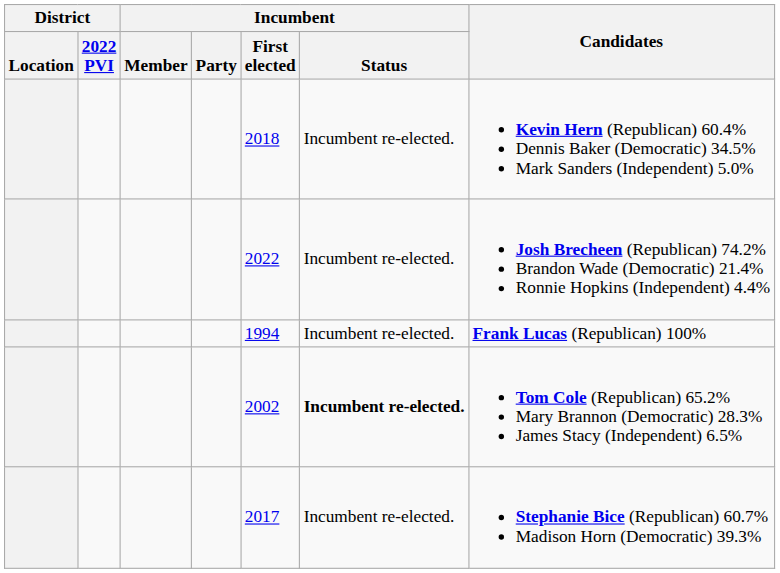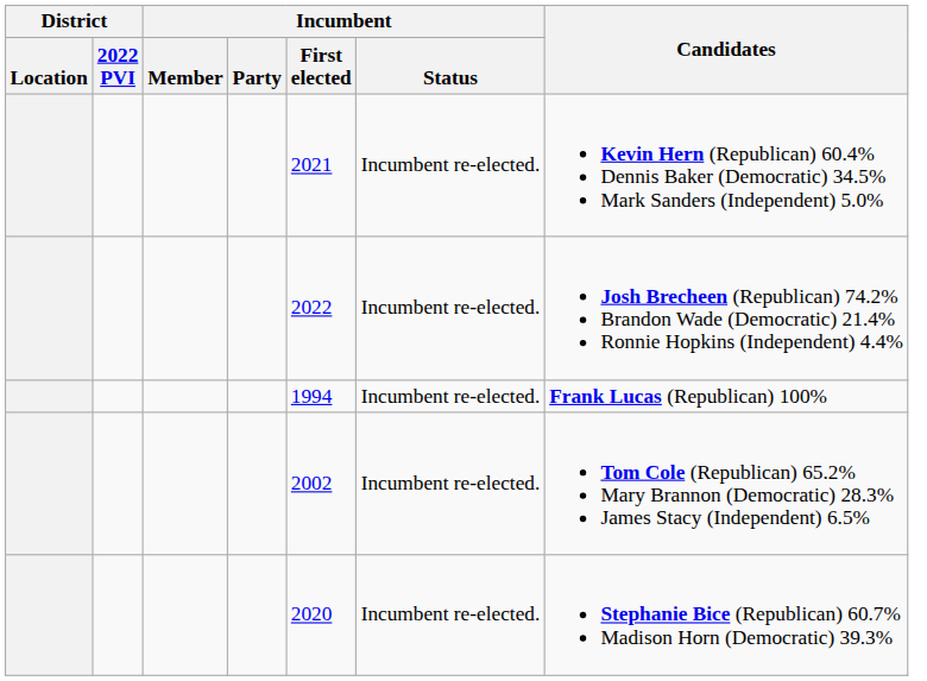 <table class="wikitable sortable">
 <tr>
 <th colspan=2>District</th>
 <th colspan=4>Incumbent</th>
 <th rowspan=2 class="unsortable">Candidates</th>
 </tr>
 <tr valign=bottom>
 <th>Location</th>
 <th><a href='#'>2022<br>PVI</a></th>
 <th>Member</th>
 <th>Party</th>
 <th>First<br>elected</th>
 <th>Status</th>
 </tr>
 <tr>
 <th></th>
 <td></td>
 <td></td>
 <td></td>
-<td><a href='#'>2018</a></td>
+<td><a href='#'>2021</a></td>
 <td>Incumbent re-elected.</td>
 <td nowrap><br><ul><li> <strong><a href='#'>Kevin Hern</a></strong> (Republican) 60.4%</li><li>Dennis Baker (Democratic) 34.5%</li><li>Mark Sanders (Independent) 5.0%</li></ul></td>
 </tr>
 <tr>
 <th></th>
 <td></td>
 <td></td>
 <td></td>
 <td><a href='#'>2022</a></td>
 <td>Incumbent re-elected.</td>
 <td nowrap><br><ul><li> <strong><a href='#'>Josh Brecheen</a></strong> (Republican) 74.2%</li><li>Brandon Wade (Democratic) 21.4%</li><li>Ronnie Hopkins (Independent) 4.4%</li></ul></td>
 </tr>
 <tr>
 <th></th>
 <td></td>
 <td></td>
 <td></td>
 <td><a href='#'>1994 </a></td>
 <td>Incumbent re-elected.</td>
 <td nowrap> <strong><a href='#'>Frank Lucas</a></strong> (Republican) 100%</td>
 </tr>
 <tr>
 <th></th>
 <td></td>
 <td></td>
 <td></td>
 <td><a href='#'>2002</a></td>
-<td><strong>Incumbent re-elected.</strong></td>
+<td>Incumbent re-elected.</td>
 <td nowrap><br><ul><li> <strong><a href='#'>Tom Cole</a></strong> (Republican) 65.2%</li><li>Mary Brannon (Democratic) 28.3%</li><li>James Stacy (Independent) 6.5%</li></ul></td>
 </tr>
 <tr>
 <th></th>
 <td></td>
 <td></td>
 <td></td>
-<td><a href='#'>2017</a></td>
+<td><a href='#'>2020</a></td>
 <td>Incumbent re-elected.</td>
 <td nowrap><br><ul><li> <strong><a href='#'>Stephanie Bice</a></strong> (Republican) 60.7%</li><li>Madison Horn (Democratic) 39.3%</li></ul></td>
 </tr>
 </table>
